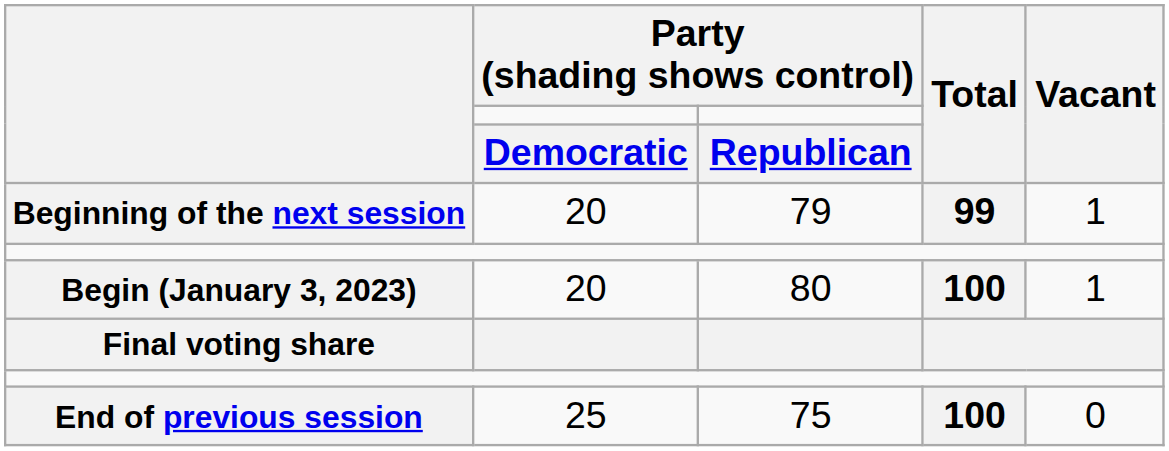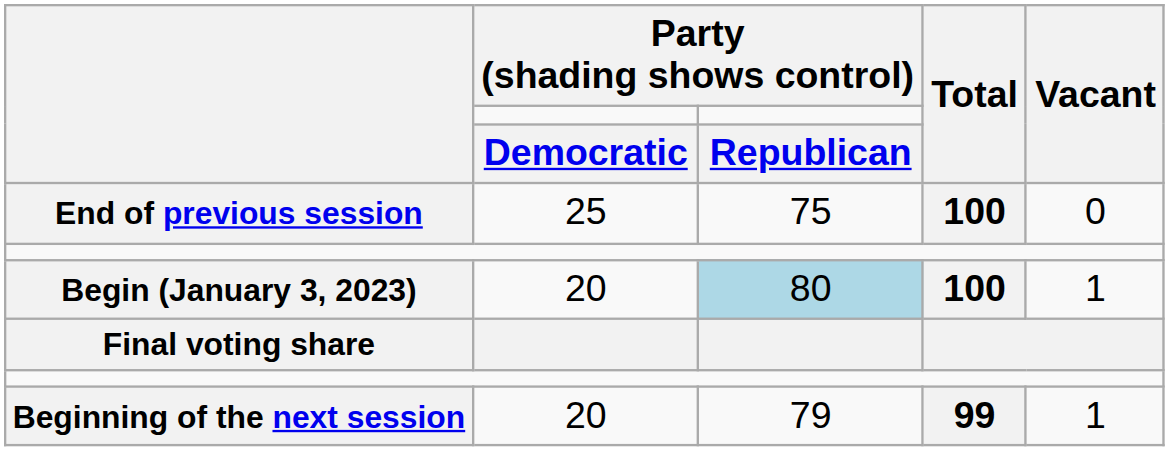 <table class="wikitable" style="text-align:center">
 <tr>
 <th rowspan="3" scope="col"> </th>
 <th colspan="2" scope="col">Party<div>(shading shows control)</div></th>
 <th rowspan="3" scope="col">Total</th>
 <th rowspan="3" scope="col">Vacant</th>
 </tr>
 <tr style="height:5px">
 <td style="background-color:"></td>
 <td style="background-color:"></td>
 </tr>
 <tr>
 <th scope="col"><a href='#'>Democratic</a></th>
 <th scope="col"><a href='#'>Republican</a></th>
 </tr>
 <tr>
-<th scope="row" style="font-size:85%">Beginning of the <a href='#'>next session</a></th>
-<td>20</td>
-<td>79</td>
-<th>99</th>
-<td>1</td>
+<th scope="row" style="font-size:85%">End of <a href='#'>previous session</a></th>
+<td>25</td>
+<td>75</td>
+<th>100</th>
+<td>0</td>
 </tr>
 <tr>
 <td colspan="5"></td>
 </tr>
 <tr>
 <th scope="row" style="font-size:85%">Begin (January 3, 2023)</th>
 <td>20</td>
-<td>80</td>
+<td style="background: lightblue;">80</td>
 <th>100</th>
 <td>1</td>
 </tr>
 <tr>
 <th scope="row" style="font-size:85%">Final voting share</th>
 <th></th>
 <th></th>
 <th colspan="2"></th>
 </tr>
 <tr>
 <td colspan="5"></td>
 </tr>
 <tr>
-<th scope="row" style="font-size:85%">End of <a href='#'>previous session</a></th>
-<td>25</td>
-<td>75</td>
-<th>100</th>
-<td>0</td>
+<th scope="row" style="font-size:85%">Beginning of the <a href='#'>next session</a></th>
+<td>20</td>
+<td>79</td>
+<th>99</th>
+<td>1</td>
 </tr>
 </table>
